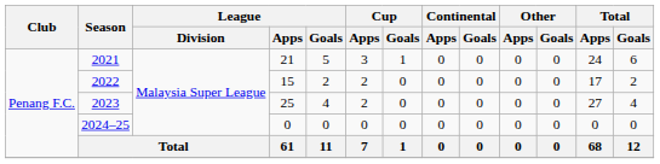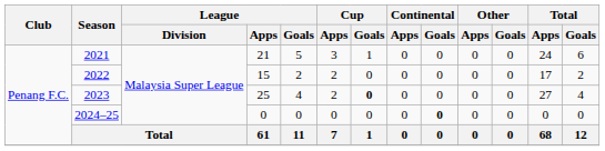 <table class="wikitable" style="text-align:center">
 <tr>
 <th rowspan="2">Club</th>
 <th rowspan="2">Season</th>
 <th colspan="3">League</th>
 <th colspan="2">Cup</th>
 <th colspan="2">Continental</th>
 <th colspan="2">Other</th>
 <th colspan="2">Total</th>
 </tr>
 <tr>
 <th>Division</th>
 <th>Apps</th>
 <th>Goals</th>
 <th>Apps</th>
 <th>Goals</th>
 <th>Apps</th>
 <th>Goals</th>
 <th>Apps</th>
 <th>Goals</th>
 <th>Apps</th>
 <th>Goals</th>
 </tr>
 <tr>
 <td rowspan="5"><a href='#'>Penang F.C.</a></td>
 <td><a href='#'>2021</a></td>
 <td rowspan="4"><a href='#'>Malaysia Super League</a></td>
 <td>21</td>
 <td>5</td>
 <td>3</td>
 <td>1</td>
 <td>0</td>
 <td>0</td>
 <td>0</td>
 <td>0</td>
 <td>24</td>
 <td>6</td>
 </tr>
 <tr>
 <td><a href='#'>2022</a></td>
 <td>15</td>
 <td>2</td>
 <td>2</td>
 <td>0</td>
 <td>0</td>
 <td>0</td>
 <td>0</td>
 <td>0</td>
 <td>17</td>
 <td>2</td>
 </tr>
 <tr>
 <td><a href='#'>2023</a></td>
 <td>25</td>
 <td>4</td>
 <td>2</td>
-<td>0</td>
+<td><strong>0</strong></td>
 <td>0</td>
 <td>0</td>
 <td>0</td>
 <td>0</td>
 <td>27</td>
 <td>4</td>
 </tr>
 <tr>
 <td><a href='#'>2024–25</a></td>
 <td>0</td>
 <td>0</td>
 <td>0</td>
 <td>0</td>
 <td>0</td>
-<td>0</td>
+<td><strong>0</strong></td>
 <td>0</td>
 <td>0</td>
 <td>0</td>
 <td>0</td>
 </tr>
 <tr>
 <th colspan="2">Total</th>
 <th>61</th>
 <th>11</th>
 <th>7</th>
 <th>1</th>
 <th>0</th>
 <th>0</th>
 <th>0</th>
 <th>0</th>
 <th>68</th>
 <th>12</th>
 </tr>
 <tr>
 </tr>
 </table>
